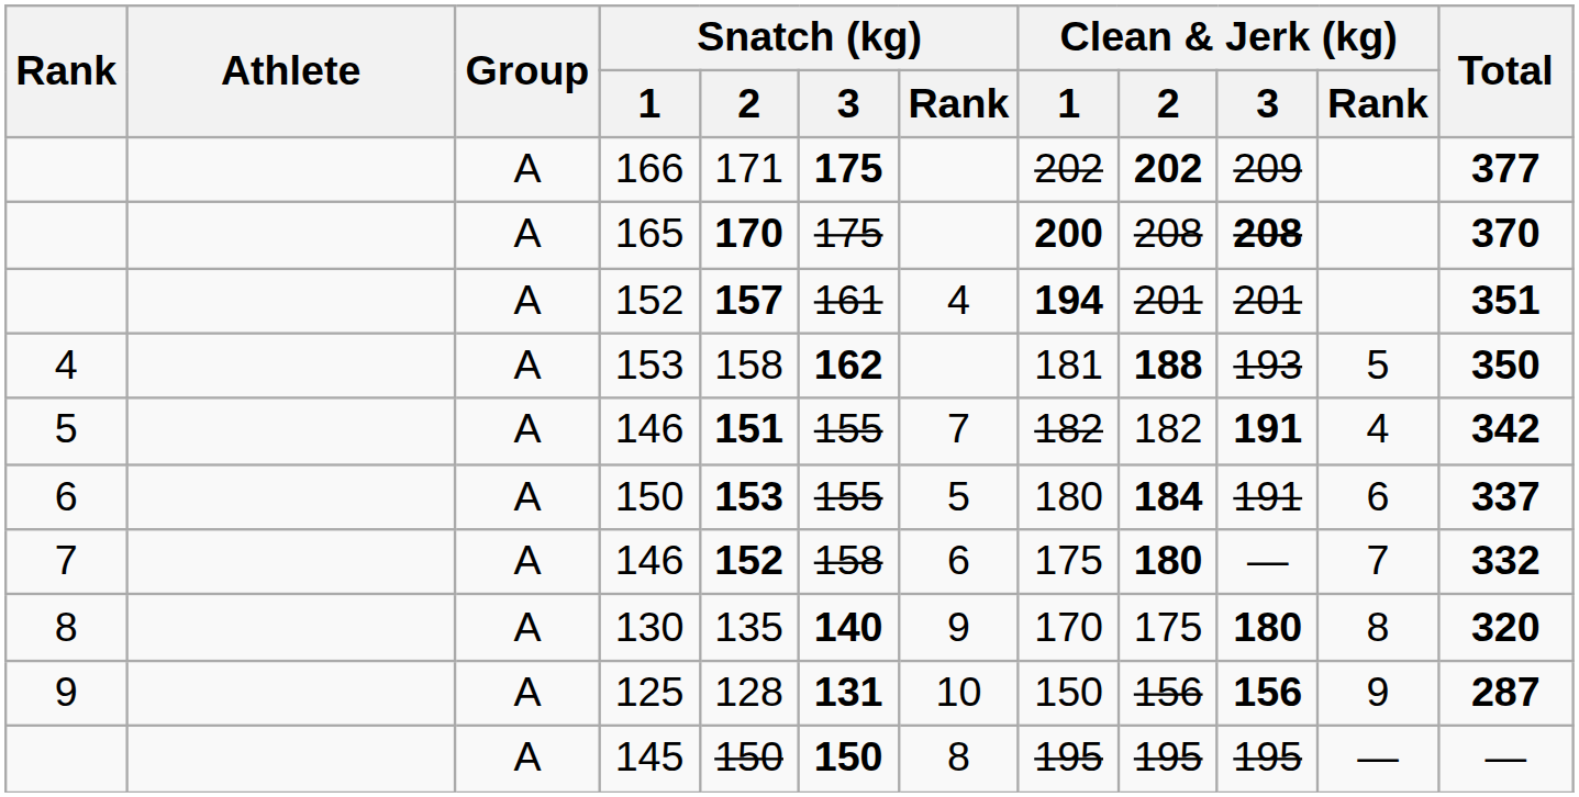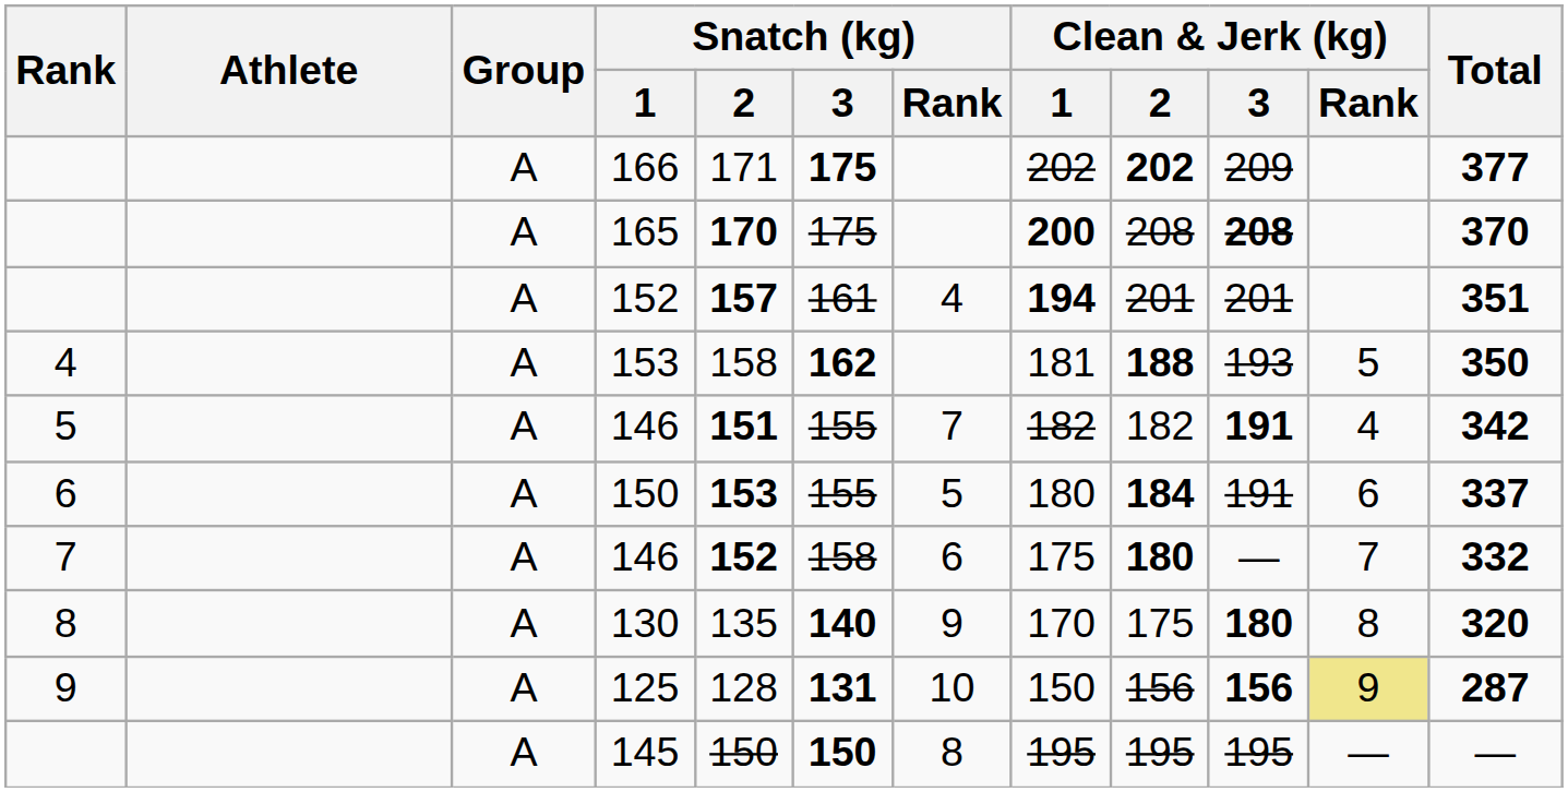 <table class = "wikitable" style="text-align:center;">
 <tr>
 <th rowspan=2 width=40>Rank</th>
 <th rowspan=2 width=250>Athlete</th>
 <th rowspan=2 width=50>Group</th>
 <th colspan=4>Snatch (kg)</th>
 <th colspan=4>Clean & Jerk (kg)</th>
 <th rowspan=2 width=60>Total</th>
 </tr>
 <tr>
 <th width=40>1</th>
 <th width=40>2</th>
 <th width=40>3</th>
 <th width=40>Rank</th>
 <th width=40>1</th>
 <th width=40>2</th>
 <th width=40>3</th>
 <th width=40>Rank</th>
 </tr>
 <tr>
 <td></td>
 <td align=left></td>
 <td>A</td>
 <td>166</td>
 <td>171</td>
 <td><strong>175</strong></td>
 <td></td>
 <td><s>202</s></td>
 <td><strong>202</strong></td>
 <td><s>209</s></td>
 <td></td>
 <td><strong>377</strong></td>
 </tr>
 <tr>
 <td></td>
 <td align=left></td>
 <td>A</td>
 <td>165</td>
 <td><strong>170</strong></td>
 <td><s>175</s></td>
 <td></td>
 <td><strong>200</strong></td>
 <td><s>208</s></td>
 <td><strong><s>208</s></strong></td>
 <td></td>
 <td><strong>370</strong></td>
 </tr>
 <tr>
 <td></td>
 <td align=left></td>
 <td>A</td>
 <td>152</td>
 <td><strong>157</strong></td>
 <td><s>161</s></td>
 <td>4</td>
 <td><strong>194</strong></td>
 <td><s>201</s></td>
 <td><s>201</s></td>
 <td></td>
 <td><strong>351</strong></td>
 </tr>
 <tr>
 <td>4</td>
 <td align=left></td>
 <td>A</td>
 <td>153</td>
 <td>158</td>
 <td><strong>162</strong></td>
 <td></td>
 <td>181</td>
 <td><strong>188</strong></td>
 <td><s>193</s></td>
 <td>5</td>
 <td><strong>350</strong></td>
 </tr>
 <tr>
 <td>5</td>
 <td align=left></td>
 <td>A</td>
 <td>146</td>
 <td><strong>151</strong></td>
 <td><s>155</s></td>
 <td>7</td>
 <td><s>182</s></td>
 <td>182</td>
 <td><strong>191</strong></td>
 <td>4</td>
 <td><strong>342</strong></td>
 </tr>
 <tr>
 <td>6</td>
 <td align=left></td>
 <td>A</td>
 <td>150</td>
 <td><strong>153</strong></td>
 <td><s>155</s></td>
 <td>5</td>
 <td>180</td>
 <td><strong>184</strong></td>
 <td><s>191</s></td>
 <td>6</td>
 <td><strong>337</strong></td>
 </tr>
 <tr>
 <td>7</td>
 <td align=left></td>
 <td>A</td>
 <td>146</td>
 <td><strong>152</strong></td>
 <td><s>158</s></td>
 <td>6</td>
 <td>175</td>
 <td><strong>180</strong></td>
 <td>—</td>
 <td>7</td>
 <td><strong>332</strong></td>
 </tr>
 <tr>
 <td>8</td>
 <td align=left></td>
 <td>A</td>
 <td>130</td>
 <td>135</td>
 <td><strong>140</strong></td>
 <td>9</td>
 <td>170</td>
 <td>175</td>
 <td><strong>180</strong></td>
 <td>8</td>
 <td><strong>320</strong></td>
 </tr>
 <tr>
 <td>9</td>
 <td align=left></td>
 <td>A</td>
 <td>125</td>
 <td>128</td>
 <td><strong>131</strong></td>
 <td>10</td>
 <td>150</td>
 <td><s>156</s></td>
 <td><strong>156</strong></td>
-<td>9</td>
+<td style="background: khaki;">9</td>
 <td><strong>287</strong></td>
 </tr>
 <tr>
 <td></td>
 <td align=left></td>
 <td>A</td>
 <td>145</td>
 <td><s>150</s></td>
 <td><strong>150</strong></td>
 <td>8</td>
 <td><s>195</s></td>
 <td><s>195</s></td>
 <td><s>195</s></td>
 <td>—</td>
 <td>—</td>
 </tr>
 </table>
